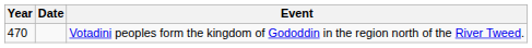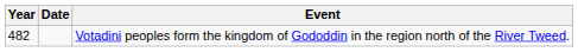 <table class="wikitable">
 <tr>
 <th style="width:6en">Year</th>
 <th style="width:15en">Date</th>
 <th>Event</th>
 </tr>
 <tr>
-<td>470</td>
+<td>482</td>
 <td></td>
 <td><a href='#'>Votadini</a> peoples form the kingdom of <a href='#'>Gododdin</a> in the region north of the <a href='#'>River Tweed</a>.</td>
 </tr>
 </table>
